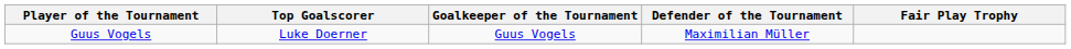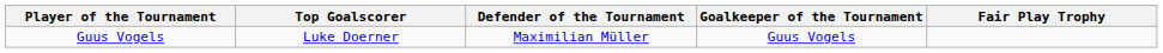 <table class=wikitable style="margin:auto; text-align:center">
 <tr>
 <th style="width: 220px;">Player of the Tournament</th>
 <th style="width: 220px;">Top Goalscorer</th>
+<th style="width: 220px;">Defender of the Tournament</th>
 <th style="width: 220px;">Goalkeeper of the Tournament</th>
-<th style="width: 220px;">Defender of the Tournament</th>
 <th style="width: 220px;">Fair Play Trophy</th>
 </tr>
 <tr>
 <td> <a href='#'>Guus Vogels</a></td>
 <td> <a href='#'>Luke Doerner</a></td>
+<td> <a href='#'>Maximilian Müller</a></td>
 <td> <a href='#'>Guus Vogels</a></td>
-<td> <a href='#'>Maximilian Müller</a></td>
 <td></td>
 </tr>
 </table>
